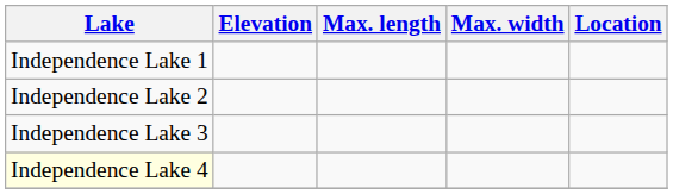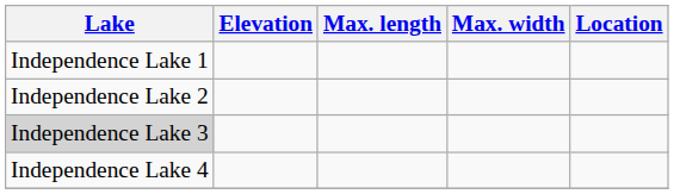 <table class="wikitable sortable">
 <tr>
 <th><a href='#'>Lake</a></th>
 <th><a href='#'>Elevation</a></th>
 <th><a href='#'>Max. length</a></th>
 <th><a href='#'>Max. width</a></th>
 <th><a href='#'>Location</a></th>
 </tr>
 <tr>
 <td>Independence Lake 1</td>
 <td></td>
 <td></td>
 <td></td>
 <td></td>
 </tr>
 <tr>
 <td>Independence Lake 2</td>
 <td></td>
 <td></td>
 <td></td>
 <td></td>
 </tr>
 <tr>
-<td>Independence Lake 3</td>
+<td style="background: lightgrey;">Independence Lake 3</td>
 <td></td>
 <td></td>
 <td></td>
 <td></td>
 </tr>
 <tr>
-<td style="background: lightyellow;">Independence Lake 4</td>
+<td>Independence Lake 4</td>
 <td></td>
 <td></td>
 <td></td>
 <td></td>
 </tr>
 <tr>
 </tr>
 </table>
